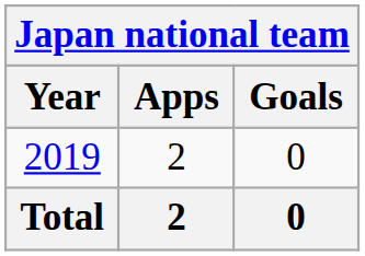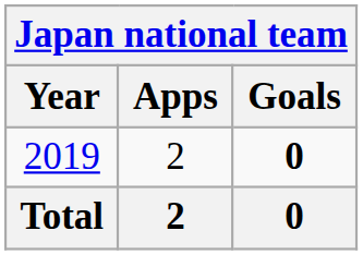 <table class="wikitable" style="text-align:center">
 <tr>
 <th colspan="3"><a href='#'>Japan national team</a></th>
 </tr>
 <tr>
 <th>Year</th>
 <th>Apps</th>
 <th>Goals</th>
 </tr>
 <tr>
 <td><a href='#'>2019</a></td>
 <td>2</td>
-<td>0</td>
+<td><strong>0</strong></td>
 </tr>
 <tr>
 <th>Total</th>
 <th>2</th>
 <th>0</th>
 </tr>
 </table>
